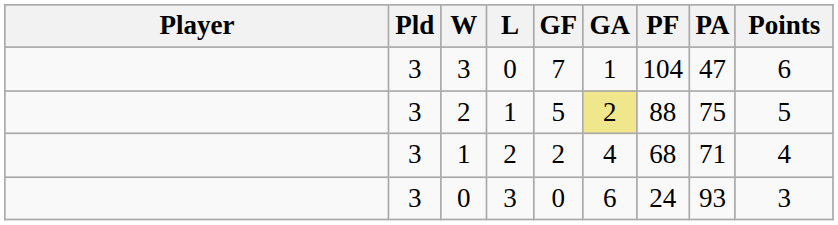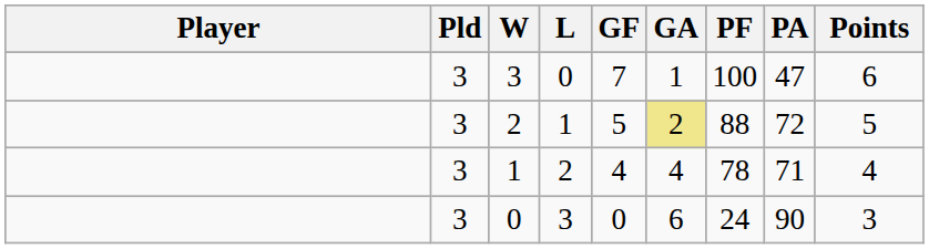 <table class=wikitable style="text-align:center">
 <tr>
 <th width=220>Player</th>
 <th width=20>Pld</th>
 <th width=20>W</th>
 <th width=20>L</th>
 <th width=20>GF</th>
 <th width=20>GA</th>
 <th width=20>PF</th>
 <th width=20>PA</th>
 <th width=50>Points</th>
 </tr>
 <tr>
 <td align=left></td>
 <td>3</td>
 <td>3</td>
 <td>0</td>
 <td>7</td>
 <td>1</td>
-<td>104</td>
+<td>100</td>
 <td>47</td>
 <td>6</td>
 </tr>
 <tr>
 <td align=left></td>
 <td>3</td>
 <td>2</td>
 <td>1</td>
 <td>5</td>
 <td style="background: khaki;">2</td>
 <td>88</td>
-<td>75</td>
+<td>72</td>
 <td>5</td>
 </tr>
 <tr>
 <td align=left></td>
 <td>3</td>
 <td>1</td>
 <td>2</td>
-<td>2</td>
 <td>4</td>
-<td>68</td>
+<td>4</td>
+<td>78</td>
 <td>71</td>
 <td>4</td>
 </tr>
 <tr>
 <td align=left></td>
 <td>3</td>
 <td>0</td>
 <td>3</td>
 <td>0</td>
 <td>6</td>
 <td>24</td>
-<td>93</td>
+<td>90</td>
 <td>3</td>
 </tr>
 </table>
